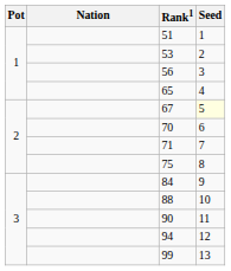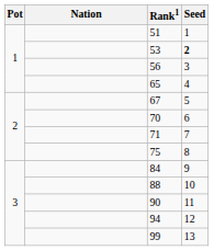 <table class="wikitable">
 <tr>
 <th>Pot</th>
 <th width="175">Nation</th>
 <th>Rank<sup>1</sup></th>
 <th>Seed</th>
 </tr>
 <tr>
 <td rowspan=4 style="text-align:center;">1</td>
 <td></td>
 <td>51</td>
 <td>1</td>
 </tr>
 <tr>
 <td></td>
 <td>53</td>
-<td>2</td>
+<td><strong>2</strong></td>
 </tr>
 <tr>
 <td></td>
 <td>56</td>
 <td>3</td>
 </tr>
 <tr>
 <td></td>
 <td>65</td>
 <td>4</td>
 </tr>
 <tr>
 <td rowspan=4 style="text-align:center;">2</td>
 <td></td>
 <td>67</td>
-<td style="background: lightyellow;">5</td>
+<td>5</td>
 </tr>
 <tr>
 <td></td>
 <td>70</td>
 <td>6</td>
 </tr>
 <tr>
 <td></td>
 <td>71</td>
 <td>7</td>
 </tr>
 <tr>
 <td></td>
 <td>75</td>
 <td>8</td>
 </tr>
 <tr>
 <td rowspan=5 style="text-align:center;">3</td>
 <td></td>
 <td>84</td>
 <td>9</td>
 </tr>
 <tr>
 <td></td>
 <td>88</td>
 <td>10</td>
 </tr>
 <tr>
 <td></td>
 <td>90</td>
 <td>11</td>
 </tr>
 <tr>
 <td></td>
 <td>94</td>
 <td>12</td>
 </tr>
 <tr>
 <td></td>
 <td>99</td>
 <td>13</td>
 </tr>
 </table>
